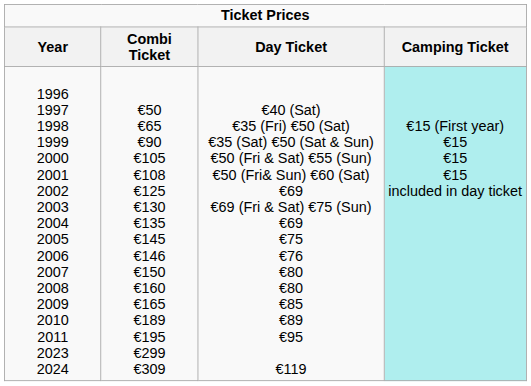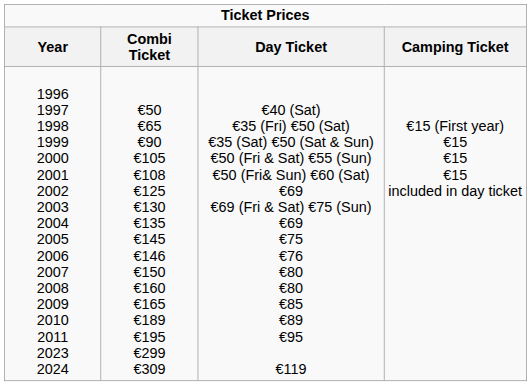 <table class="wikitable">
 <tr>
 <td colspan="4" style="text-align:center;"><strong>Ticket Prices</strong></td>
 </tr>
 <tr>
 <th>Year</th>
 <th>Combi Ticket</th>
 <th>Day Ticket</th>
 <th>Camping Ticket</th>
 </tr>
 <tr>
 <td style="text-align:center; vertical-align:top; width:100px;"><br>1996 <br>1997 <br>1998 <br>1999 <br>2000 <br>2001 <br>2002 <br>2003 <br>2004 <br>2005 <br>2006 <br>2007 <br>2008 <br>2009 <br>2010 <br>2011 <br>2023 <br>2024</td>
 <td style="text-align:center; vertical-align:top; width:100px;"><br><br>€50 <br>€65 <br>€90 <br>€105 <br>€108 <br>€125 <br>€130 <br>€135 <br>€145 <br>€146 <br>€150 <br>€160 <br>€165 <br>€189 <br>€195 <br>€299 <br>€309</td>
 <td style="text-align:center; vertical-align:top; width:200px;"><br><br>€40 (Sat) <br>€35 (Fri) €50 (Sat) <br>€35 (Sat) €50 (Sat & Sun) <br>€50 (Fri & Sat) €55 (Sun) <br>€50 (Fri& Sun) €60 (Sat) <br>€69 <br>€69 (Fri & Sat) €75 (Sun) <br>€69 <br>€75 <br>€76 <br>€80 <br>€80  <br>€85 <br>€89 <br>€95 <br> <br>€119</td>
-<td style="background: paleturquoise; text-align:center; vertical-align:top; width:150px;"><br><br> <br>€15 (First year) <br>€15 <br>€15 <br>€15 <br>included in day ticket</td>
+<td style="text-align:center; vertical-align:top; width:150px;"><br><br> <br>€15 (First year) <br>€15 <br>€15 <br>€15 <br>included in day ticket</td>
 </tr>
 </table>
